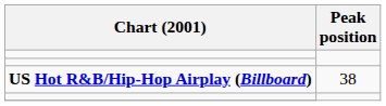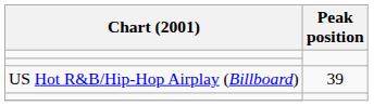 <table class="wikitable sortable">
 <tr>
 <th>Chart (2001)</th>
 <th>Peak<br>position</th>
 </tr>
 <tr>
 <td></td>
 </tr>
 <tr>
 <td></td>
 </tr>
 <tr>
-<td><strong>US <a href='#'>Hot R&B/Hip-Hop Airplay</a> (<em><a href='#'>Billboard</a></em>)</strong></td>
-<td style="text-align:center;">38</td>
+<td>US <a href='#'>Hot R&B/Hip-Hop Airplay</a> (<em><a href='#'>Billboard</a></em>)</td>
+<td style="text-align:center;">39</td>
 </tr>
 <tr>
 <td></td>
 </tr>
 <tr>
 </tr>
 </table>
